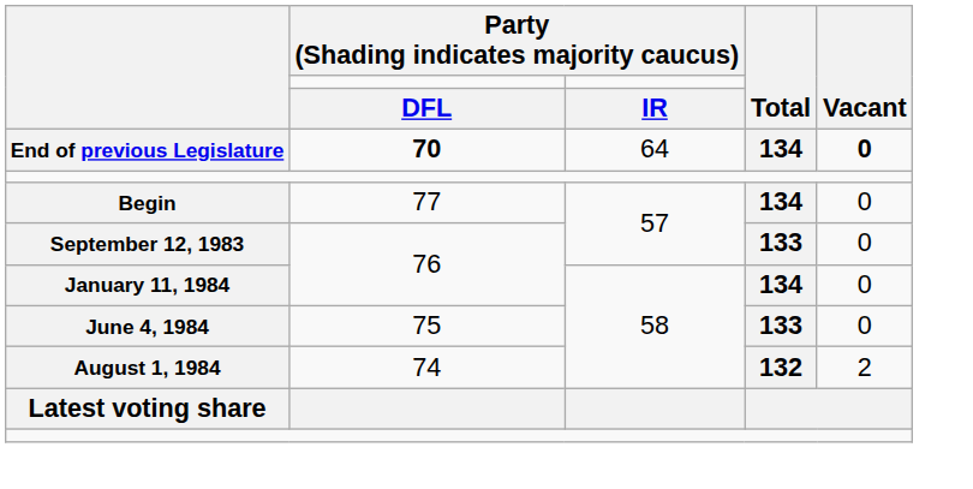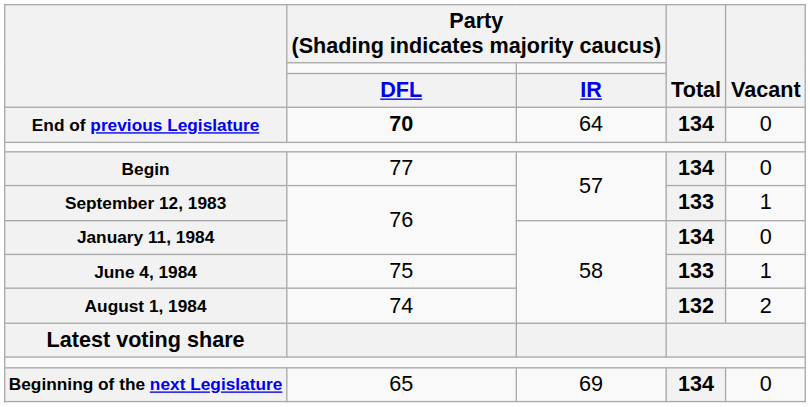 <table class=wikitable style="text-align:center">
 <tr style="vertical-align:bottom;">
 <th rowspan=3></th>
 <th colspan=2>Party <div>(Shading indicates majority caucus)</div></th>
 <th rowspan=3>Total</th>
 <th rowspan=3>Vacant</th>
 </tr>
 <tr style="height:5px">
 <td style="background-color:"></td>
 <td style="background-color:"></td>
 </tr>
 <tr>
 <th><a href='#'>DFL</a></th>
 <th><a href='#'>IR</a></th>
 </tr>
 <tr>
 <th style="white-space:nowrap; font-size:80%;">End of <a href='#'>previous Legislature</a></th>
 <td><strong>70</strong></td>
 <td>64</td>
 <th>134</th>
-<td><strong>0</strong></td>
+<td>0</td>
 </tr>
 <tr>
 <td colspan=5></td>
 </tr>
 <tr>
 <th style="font-size:80%">Begin</th>
 <td>77</td>
 <td rowspan="2">57</td>
 <th>134</th>
 <td>0</td>
 </tr>
 <tr>
 <th style="font-size:80%">September 12, 1983 </th>
 <td rowspan="2" >76</td>
 <th>133</th>
-<td>0</td>
+<td>1</td>
 </tr>
 <tr>
 <th style="font-size:80%">January 11, 1984 </th>
 <td rowspan="3">58</td>
 <th>134</th>
 <td>0</td>
 </tr>
 <tr>
 <th style="font-size:80%">June 4, 1984 </th>
 <td>75</td>
 <th>133</th>
-<td>0</td>
+<td>1</td>
 </tr>
 <tr>
 <th style="font-size:80%">August 1, 1984 </th>
 <td>74</td>
 <th>132</th>
 <td>2</td>
 </tr>
 <tr>
 <th>Latest voting share</th>
 <th></th>
 <th></th>
 <th colspan=2></th>
 </tr>
 <tr>
 <td colspan=5></td>
 </tr>
+<tr>
+<th style="white-space:nowrap; font-size:80%;">Beginning of the <a href='#'>next Legislature</a></th>
+<td>65</td>
+<td>69</td>
+<th>134</th>
+<td>0</td>
+</tr>
 </table>
